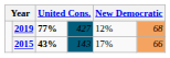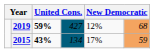 <table class="wikitable" style="float:right; width:400; font-size:90%; margin-left:1em;">
 <tr>
 <th colspan="2" scope="col">Year</th>
 <th colspan="2" scope="col"><a href='#'>United Cons.</a></th>
 <th colspan="2" scope="col"><a href='#'>New Democratic</a></th>
 </tr>
 <tr>
 <td rowspan="2" style="width: 0.25em; background-color: "></td>
 <th><a href='#'>2019</a></th>
-<td><span><strong>77%</strong></span></td>
+<td><span><strong>59%</strong></span></td>
 <td style="text-align:right; background:#005D7C;"><span><em>427</em></span></td>
 <td>12%</td>
 <td style="text-align:right; background:#F4A460;"><em>68</em></td>
 </tr>
 <tr>
 <th><a href='#'>2015</a></th>
 <td><span><strong>43%</strong></span></td>
-<td style="text-align:right; background:#005D7C;"><span><em>143</em></span></td>
+<td style="text-align:right; background:#005D7C;"><span><em>134</em></span></td>
 <td>17%</td>
-<td style="text-align:right; background:#F4A460;"><em>66</em></td>
+<td style="text-align:right; background:#F4A460;"><em>59</em></td>
 </tr>
 </table>
